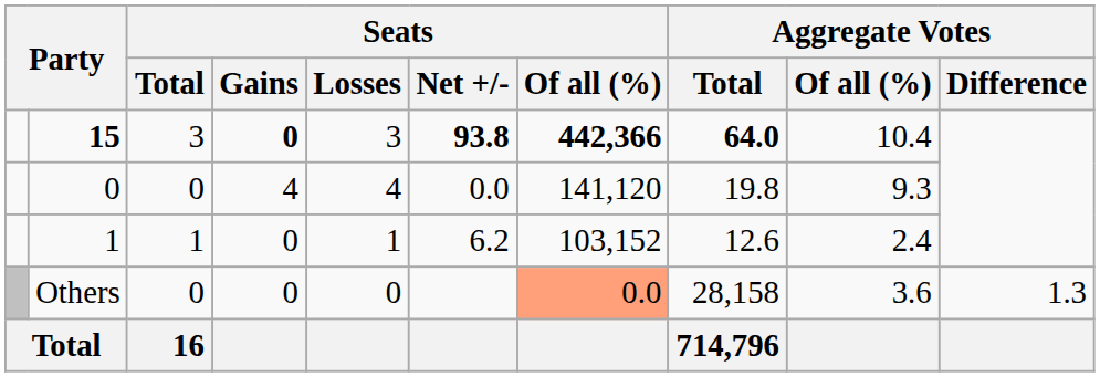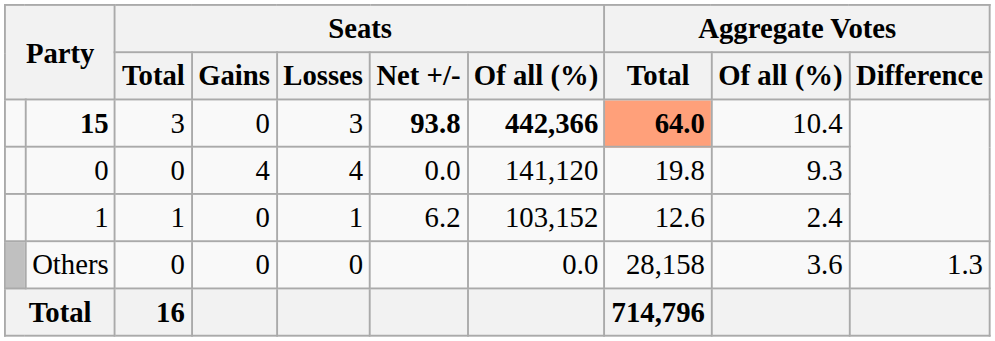 <table class="wikitable sortable" style="text-align:right; font-size:95%;">
 <tr>
 <th colspan="2" rowspan="2">Party</th>
 <th colspan="5">Seats</th>
 <th colspan="3">Aggregate Votes</th>
 </tr>
 <tr>
 <th>Total</th>
 <th>Gains</th>
 <th>Losses</th>
 <th>Net +/-</th>
 <th>Of all (%)</th>
 <th>Total</th>
 <th>Of all (%)</th>
 <th>Difference</th>
 </tr>
 <tr>
 <td></td>
 <td><strong>15</strong></td>
 <td>3</td>
-<td><strong>0</strong></td>
+<td>0</td>
 <td>3</td>
 <td><strong>93.8</strong></td>
 <td><strong>442,366</strong></td>
-<td><strong>64.0</strong></td>
+<td style="background: lightsalmon;"><strong>64.0</strong></td>
 <td>10.4</td>
 </tr>
 <tr>
 <td></td>
 <td>0</td>
 <td>0</td>
 <td>4</td>
 <td>4</td>
 <td>0.0</td>
 <td>141,120</td>
 <td>19.8</td>
 <td>9.3</td>
 </tr>
 <tr>
 <td></td>
 <td>1</td>
 <td>1</td>
 <td>0</td>
 <td>1</td>
 <td>6.2</td>
 <td>103,152</td>
 <td>12.6</td>
 <td>2.4</td>
 </tr>
 <tr>
 <td style="background:silver;"> </td>
 <td align=left>Others</td>
 <td>0</td>
 <td>0</td>
 <td>0</td>
 <td></td>
-<td style="background: lightsalmon;">0.0</td>
+<td>0.0</td>
 <td>28,158</td>
 <td>3.6</td>
 <td>1.3</td>
 </tr>
 <tr class="sortbottom">
 <th colspan="2" style="background:#f2f2f2"><strong>Total</strong></th>
 <td style="background:#f2f2f2;"><strong>16</strong></td>
 <td style="background:#f2f2f2;"></td>
 <td style="background:#f2f2f2;"></td>
 <td style="background:#f2f2f2;"></td>
 <td style="background:#f2f2f2;"></td>
 <td style="background:#f2f2f2;"><strong>714,796</strong></td>
 <td style="background:#f2f2f2;"></td>
 <td style="background:#f2f2f2;"></td>
 </tr>
 </table>
